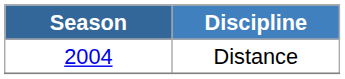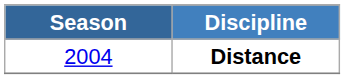 <table class="wikitable" style="font-size:95%; text-align:center; border:grey solid 1px; border-collapse:collapse; background:#ffffff;">
 <tr style="background-color:#369; color:white;">
 <td rowspan="2" colspan="1" style="width:110px"><strong>Season</strong></td>
 </tr>
 <tr style="background-color:#4180be; color:white;">
 <td style="width:110px"><strong>Discipline</strong></td>
 </tr>
 <tr>
 <td align=center><a href='#'>2004</a></td>
-<td align=center>Distance</td>
+<td align=center><strong>Distance</strong></td>
 </tr>
 <tr>
 </tr>
 </table>
